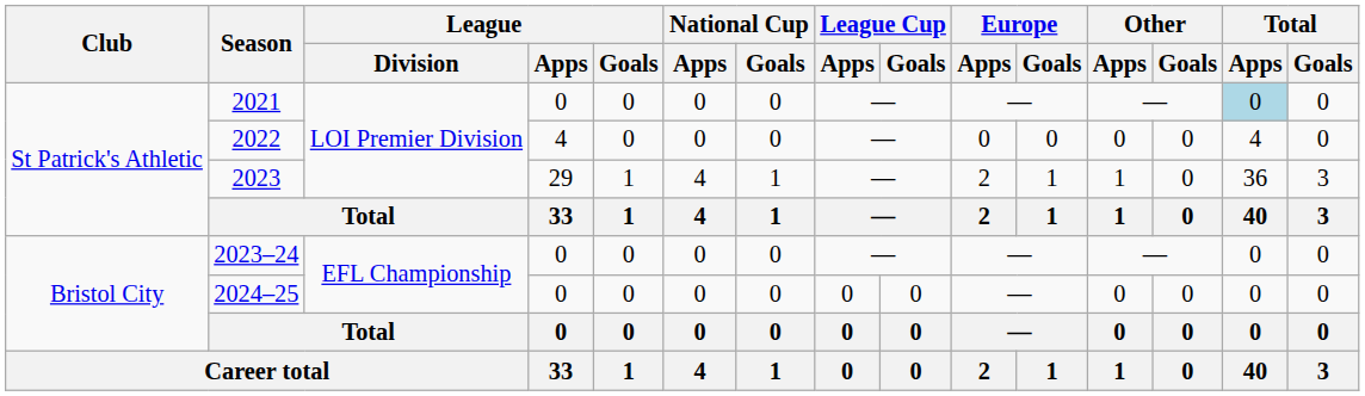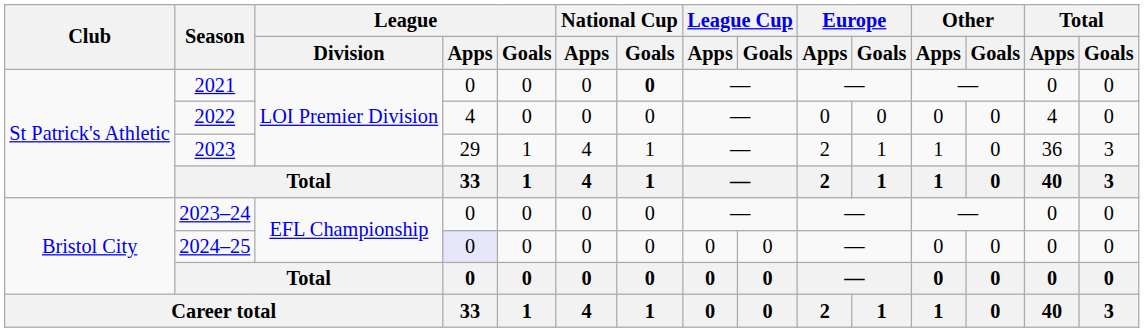 <table class="wikitable" style="text-align:center">
 <tr>
 <th rowspan=2>Club</th>
 <th rowspan=2>Season</th>
 <th colspan=3>League</th>
 <th colspan=2>National Cup</th>
 <th colspan=2><a href='#'>League Cup</a></th>
 <th colspan=2><a href='#'>Europe</a></th>
 <th colspan=2>Other</th>
 <th colspan=2>Total</th>
 </tr>
 <tr>
 <th>Division</th>
 <th>Apps</th>
 <th>Goals</th>
 <th>Apps</th>
 <th>Goals</th>
 <th>Apps</th>
 <th>Goals</th>
 <th>Apps</th>
 <th>Goals</th>
 <th>Apps</th>
 <th>Goals</th>
 <th>Apps</th>
 <th>Goals</th>
 </tr>
 <tr>
 <td rowspan="4"><a href='#'>St Patrick's Athletic</a></td>
 <td><a href='#'>2021</a></td>
 <td rowspan="3"><a href='#'>LOI Premier Division</a></td>
 <td>0</td>
 <td>0</td>
 <td>0</td>
-<td>0</td>
+<td><strong>0</strong></td>
 <td colspan="2">—</td>
 <td colspan="2">—</td>
 <td colspan="2">—</td>
-<td style="background: lightblue;">0</td>
+<td>0</td>
 <td>0</td>
 </tr>
 <tr>
 <td><a href='#'>2022</a></td>
 <td>4</td>
 <td>0</td>
 <td>0</td>
 <td>0</td>
 <td colspan="2">—</td>
 <td>0</td>
 <td>0</td>
 <td>0</td>
 <td>0</td>
 <td>4</td>
 <td>0</td>
 </tr>
 <tr>
 <td><a href='#'>2023</a></td>
 <td>29</td>
 <td>1</td>
 <td>4</td>
 <td>1</td>
 <td colspan="2">—</td>
 <td>2</td>
 <td>1</td>
 <td>1</td>
 <td>0</td>
 <td>36</td>
 <td>3</td>
 </tr>
 <tr>
 <th colspan="2">Total</th>
 <th>33</th>
 <th>1</th>
 <th>4</th>
 <th>1</th>
 <th colspan="2">—</th>
 <th>2</th>
 <th>1</th>
 <th>1</th>
 <th>0</th>
 <th>40</th>
 <th>3</th>
 </tr>
 <tr>
 <td rowspan="3"><a href='#'>Bristol City</a></td>
 <td><a href='#'>2023–24</a></td>
 <td rowspan="2"><a href='#'>EFL Championship</a></td>
 <td>0</td>
 <td>0</td>
 <td>0</td>
 <td>0</td>
 <td colspan="2">—</td>
 <td colspan="2">—</td>
 <td colspan="2">—</td>
 <td>0</td>
 <td>0</td>
 </tr>
 <tr>
 <td><a href='#'>2024–25</a></td>
-<td>0</td>
+<td style="background: lavender;">0</td>
 <td>0</td>
 <td>0</td>
 <td>0</td>
 <td>0</td>
 <td>0</td>
 <td colspan="2">—</td>
 <td>0</td>
 <td>0</td>
 <td>0</td>
 <td>0</td>
 </tr>
 <tr>
 <th colspan="2">Total</th>
 <th>0</th>
 <th>0</th>
 <th>0</th>
 <th>0</th>
 <th>0</th>
 <th>0</th>
 <th colspan="2">—</th>
 <th>0</th>
 <th>0</th>
 <th>0</th>
 <th>0</th>
 </tr>
 <tr>
 <th colspan=3>Career total</th>
 <th>33</th>
 <th>1</th>
 <th>4</th>
 <th>1</th>
 <th>0</th>
 <th>0</th>
 <th>2</th>
 <th>1</th>
 <th>1</th>
 <th>0</th>
 <th>40</th>
 <th>3</th>
 </tr>
 </table>
